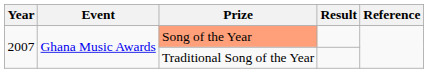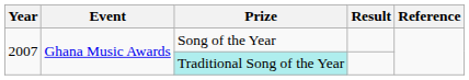 <table class="wikitable sortable">
 <tr>
 <th>Year</th>
 <th>Event</th>
 <th>Prize</th>
 <th>Result</th>
 <th>Reference</th>
 </tr>
 <tr>
 <td rowspan="2">2007</td>
 <td rowspan="2"><a href='#'>Ghana Music Awards</a></td>
-<td style="background: lightsalmon;">Song of the Year</td>
+<td>Song of the Year</td>
 <td></td>
 <td rowspan="2"></td>
 </tr>
 <tr>
-<td>Traditional Song of the Year</td>
+<td style="background: paleturquoise;">Traditional Song of the Year</td>
 <td></td>
 </tr>
 </table>
